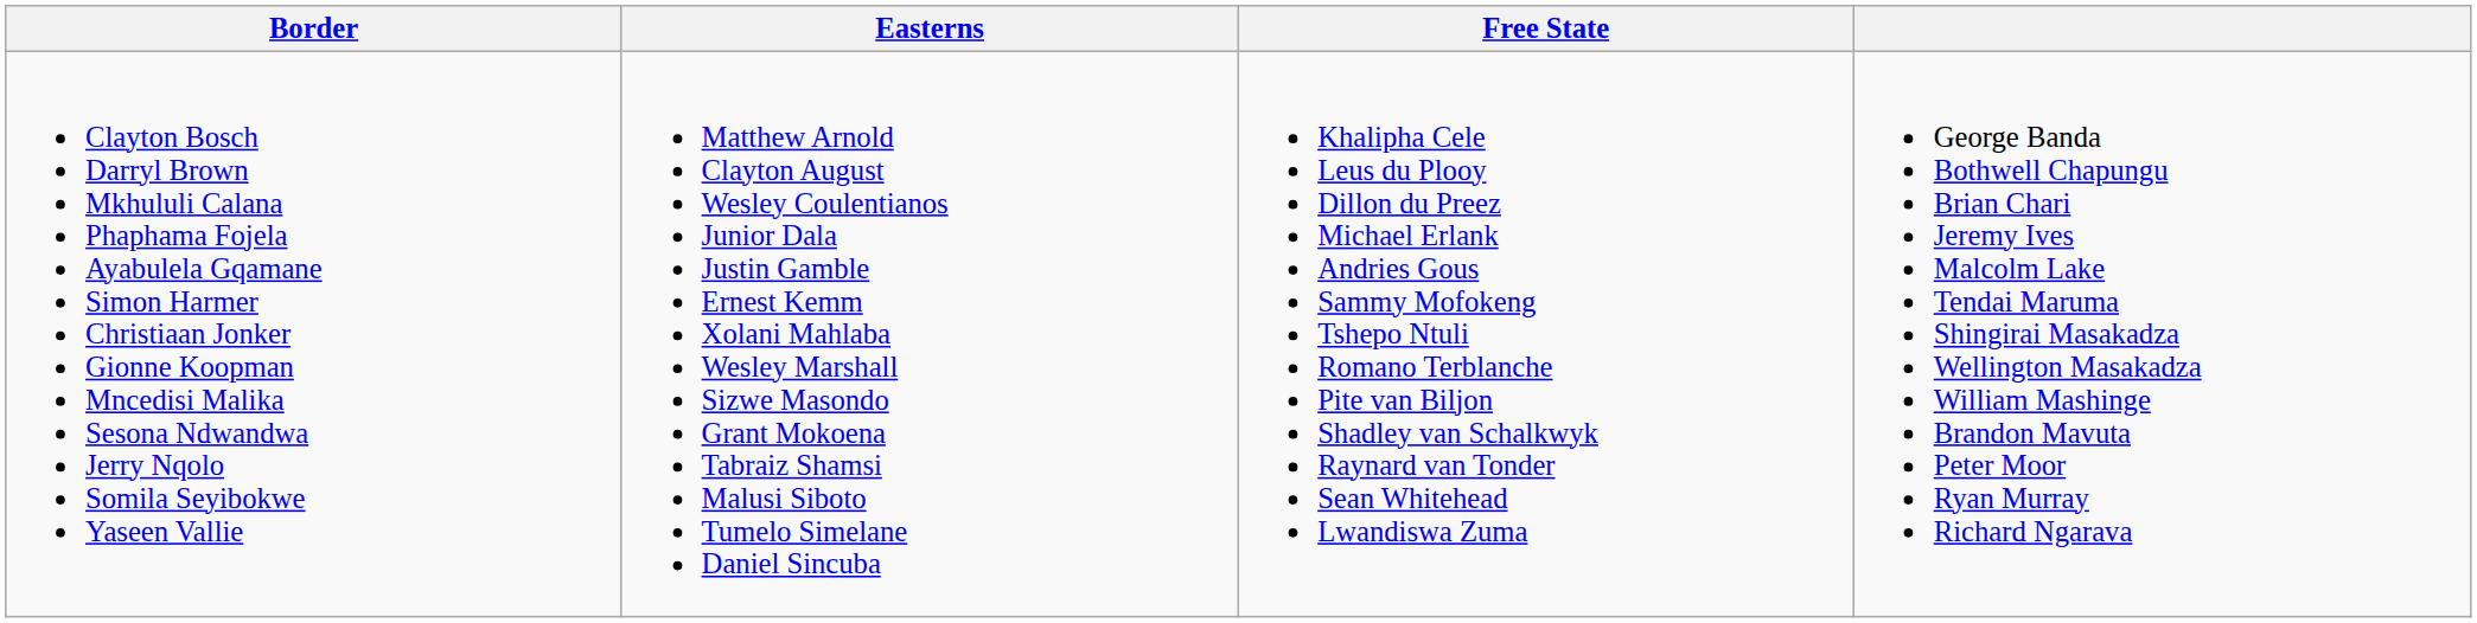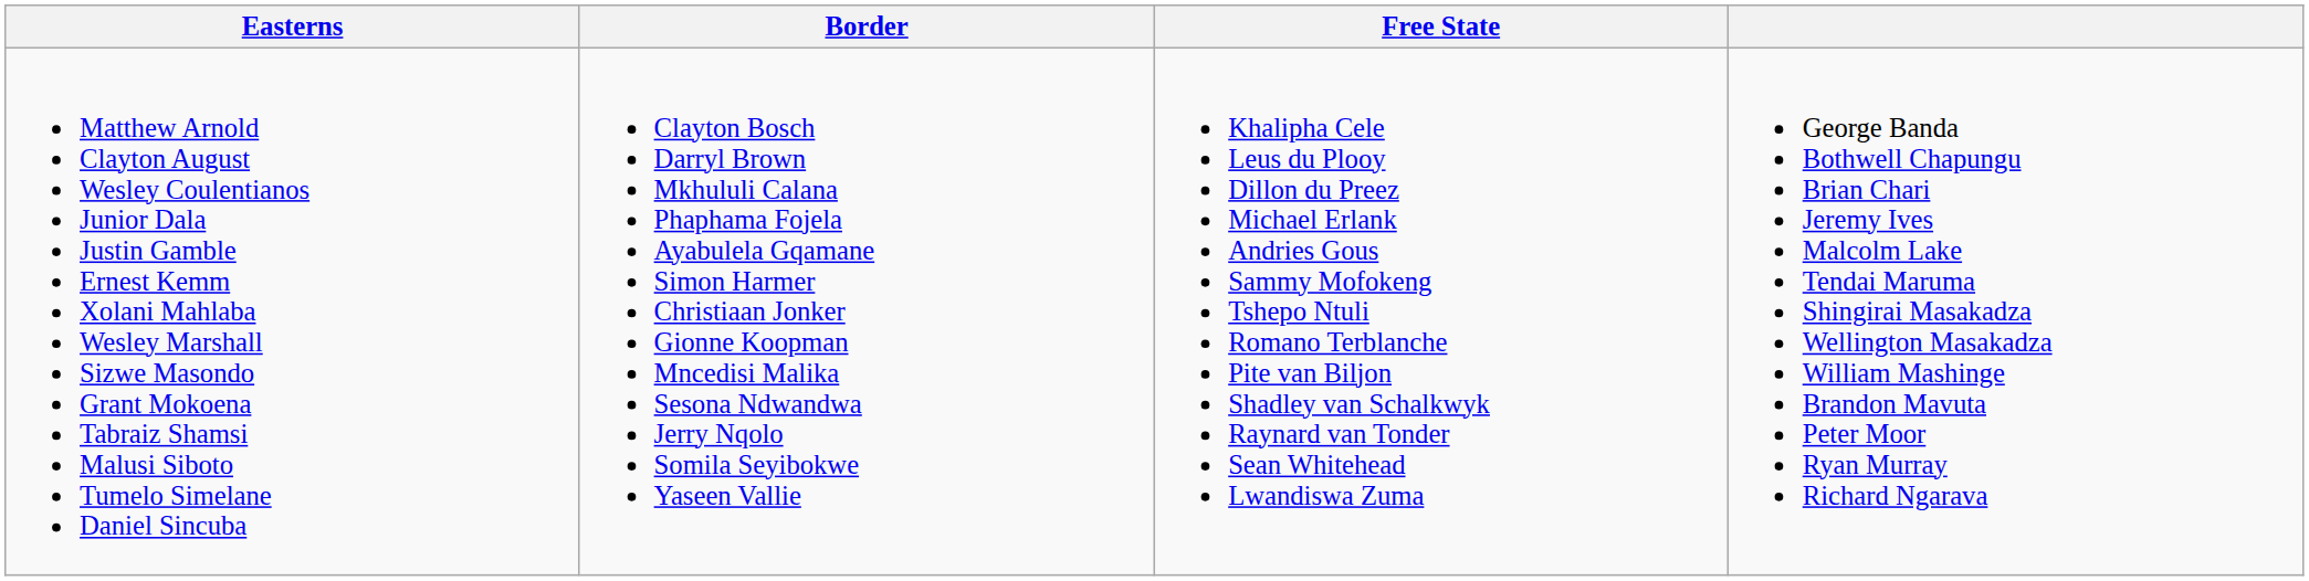 <table class="wikitable">
 <tr>
+<th width=330> <a href='#'>Easterns</a></th>
 <th width=330> <a href='#'>Border</a></th>
-<th width=330> <a href='#'>Easterns</a></th>
 <th width=330> <a href='#'>Free State</a></th>
 <th width=330></th>
 </tr>
 <tr>
+<td valign=top><br><ul><li><a href='#'>Matthew Arnold</a></li><li><a href='#'>Clayton August</a></li><li><a href='#'>Wesley Coulentianos</a></li><li><a href='#'>Junior Dala</a></li><li><a href='#'>Justin Gamble</a></li><li><a href='#'>Ernest Kemm</a></li><li><a href='#'>Xolani Mahlaba</a></li><li><a href='#'>Wesley Marshall</a></li><li><a href='#'>Sizwe Masondo</a></li><li><a href='#'>Grant Mokoena</a></li><li><a href='#'>Tabraiz Shamsi</a></li><li><a href='#'>Malusi Siboto</a></li><li><a href='#'>Tumelo Simelane</a></li><li><a href='#'>Daniel Sincuba</a></li></ul></td>
 <td valign=top><br><ul><li><a href='#'>Clayton Bosch</a></li><li><a href='#'>Darryl Brown</a></li><li><a href='#'>Mkhululi Calana</a></li><li><a href='#'>Phaphama Fojela</a></li><li><a href='#'>Ayabulela Gqamane</a></li><li><a href='#'>Simon Harmer</a></li><li><a href='#'>Christiaan Jonker</a></li><li><a href='#'>Gionne Koopman</a></li><li><a href='#'>Mncedisi Malika</a></li><li><a href='#'>Sesona Ndwandwa</a></li><li><a href='#'>Jerry Nqolo</a></li><li><a href='#'>Somila Seyibokwe</a></li><li><a href='#'>Yaseen Vallie</a></li></ul></td>
-<td valign=top><br><ul><li><a href='#'>Matthew Arnold</a></li><li><a href='#'>Clayton August</a></li><li><a href='#'>Wesley Coulentianos</a></li><li><a href='#'>Junior Dala</a></li><li><a href='#'>Justin Gamble</a></li><li><a href='#'>Ernest Kemm</a></li><li><a href='#'>Xolani Mahlaba</a></li><li><a href='#'>Wesley Marshall</a></li><li><a href='#'>Sizwe Masondo</a></li><li><a href='#'>Grant Mokoena</a></li><li><a href='#'>Tabraiz Shamsi</a></li><li><a href='#'>Malusi Siboto</a></li><li><a href='#'>Tumelo Simelane</a></li><li><a href='#'>Daniel Sincuba</a></li></ul></td>
 <td valign=top><br><ul><li><a href='#'>Khalipha Cele</a></li><li><a href='#'>Leus du Plooy</a></li><li><a href='#'>Dillon du Preez</a></li><li><a href='#'>Michael Erlank</a></li><li><a href='#'>Andries Gous</a></li><li><a href='#'>Sammy Mofokeng</a></li><li><a href='#'>Tshepo Ntuli</a></li><li><a href='#'>Romano Terblanche</a></li><li><a href='#'>Pite van Biljon</a></li><li><a href='#'>Shadley van Schalkwyk</a></li><li><a href='#'>Raynard van Tonder</a></li><li><a href='#'>Sean Whitehead</a></li><li><a href='#'>Lwandiswa Zuma</a></li></ul></td>
 <td valign=top><br><ul><li>George Banda</li><li><a href='#'>Bothwell Chapungu</a></li><li><a href='#'>Brian Chari</a></li><li><a href='#'>Jeremy Ives</a></li><li><a href='#'>Malcolm Lake</a></li><li><a href='#'>Tendai Maruma</a></li><li><a href='#'>Shingirai Masakadza</a></li><li><a href='#'>Wellington Masakadza</a></li><li><a href='#'>William Mashinge</a></li><li><a href='#'>Brandon Mavuta</a></li><li><a href='#'>Peter Moor</a></li><li><a href='#'>Ryan Murray</a></li><li><a href='#'>Richard Ngarava</a></li></ul></td>
 </tr>
 </table>
